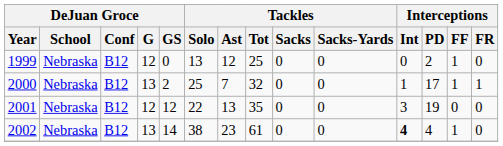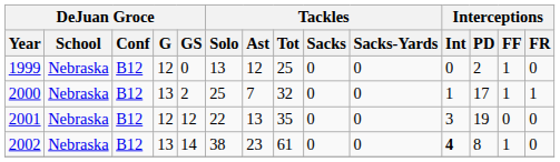 <table class="wikitable">
 <tr>
 <th colspan="5" style="text-align: center; font-weight:bold;">DeJuan Groce</th>
 <th colspan="5" style="text-align: center; font-weight:bold;">Tackles</th>
 <th colspan="4" style="text-align: center; font-weight:bold;">Interceptions</th>
 </tr>
 <tr>
 <th style="font-weight:bold;" style=>Year</th>
 <th style="font-weight:bold;" style=>School</th>
 <th style="font-weight:bold;" style=>Conf</th>
 <th style="font-weight:bold;" style=>G</th>
 <th style="font-weight:bold;" style=>GS</th>
 <th style="font-weight:bold;" style=>Solo</th>
 <th style="font-weight:bold;" style=>Ast</th>
 <th style="font-weight:bold;" style=>Tot</th>
 <th style="font-weight:bold;" style=>Sacks</th>
 <th style="font-weight:bold;" style=>Sacks-Yards</th>
 <th style="font-weight:bold;" style=>Int</th>
 <th style="font-weight:bold;" style=>PD</th>
 <th style="font-weight:bold;" style=>FF</th>
 <th style="font-weight:bold;" style=>FR</th>
 </tr>
 <tr>
 <td><a href='#'>1999</a></td>
 <td><a href='#'>Nebraska</a></td>
 <td><a href='#'>B12</a></td>
 <td>12</td>
 <td>0</td>
 <td>13</td>
 <td>12</td>
 <td>25</td>
 <td>0</td>
 <td>0</td>
 <td>0</td>
 <td>2</td>
 <td>1</td>
 <td>0</td>
 </tr>
 <tr>
 <td><a href='#'>2000</a></td>
 <td><a href='#'>Nebraska</a></td>
 <td><a href='#'>B12</a></td>
 <td>13</td>
 <td>2</td>
 <td>25</td>
 <td>7</td>
 <td>32</td>
 <td>0</td>
 <td>0</td>
 <td>1</td>
 <td>17</td>
 <td>1</td>
 <td>1</td>
 </tr>
 <tr>
 <td><a href='#'>2001</a></td>
 <td><a href='#'>Nebraska</a></td>
 <td><a href='#'>B12</a></td>
 <td>12</td>
 <td>12</td>
 <td>22</td>
 <td>13</td>
 <td>35</td>
 <td>0</td>
 <td>0</td>
 <td>3</td>
 <td>19</td>
 <td>0</td>
 <td>0</td>
 </tr>
 <tr>
 <td><a href='#'>2002</a></td>
 <td><a href='#'>Nebraska</a></td>
 <td><a href='#'>B12</a></td>
 <td>13</td>
 <td>14</td>
 <td>38</td>
 <td>23</td>
 <td>61</td>
 <td>0</td>
 <td>0</td>
 <td><strong>4</strong></td>
-<td>4</td>
+<td>8</td>
 <td>1</td>
 <td>0</td>
 </tr>
 <tr>
 </tr>
 </table>
